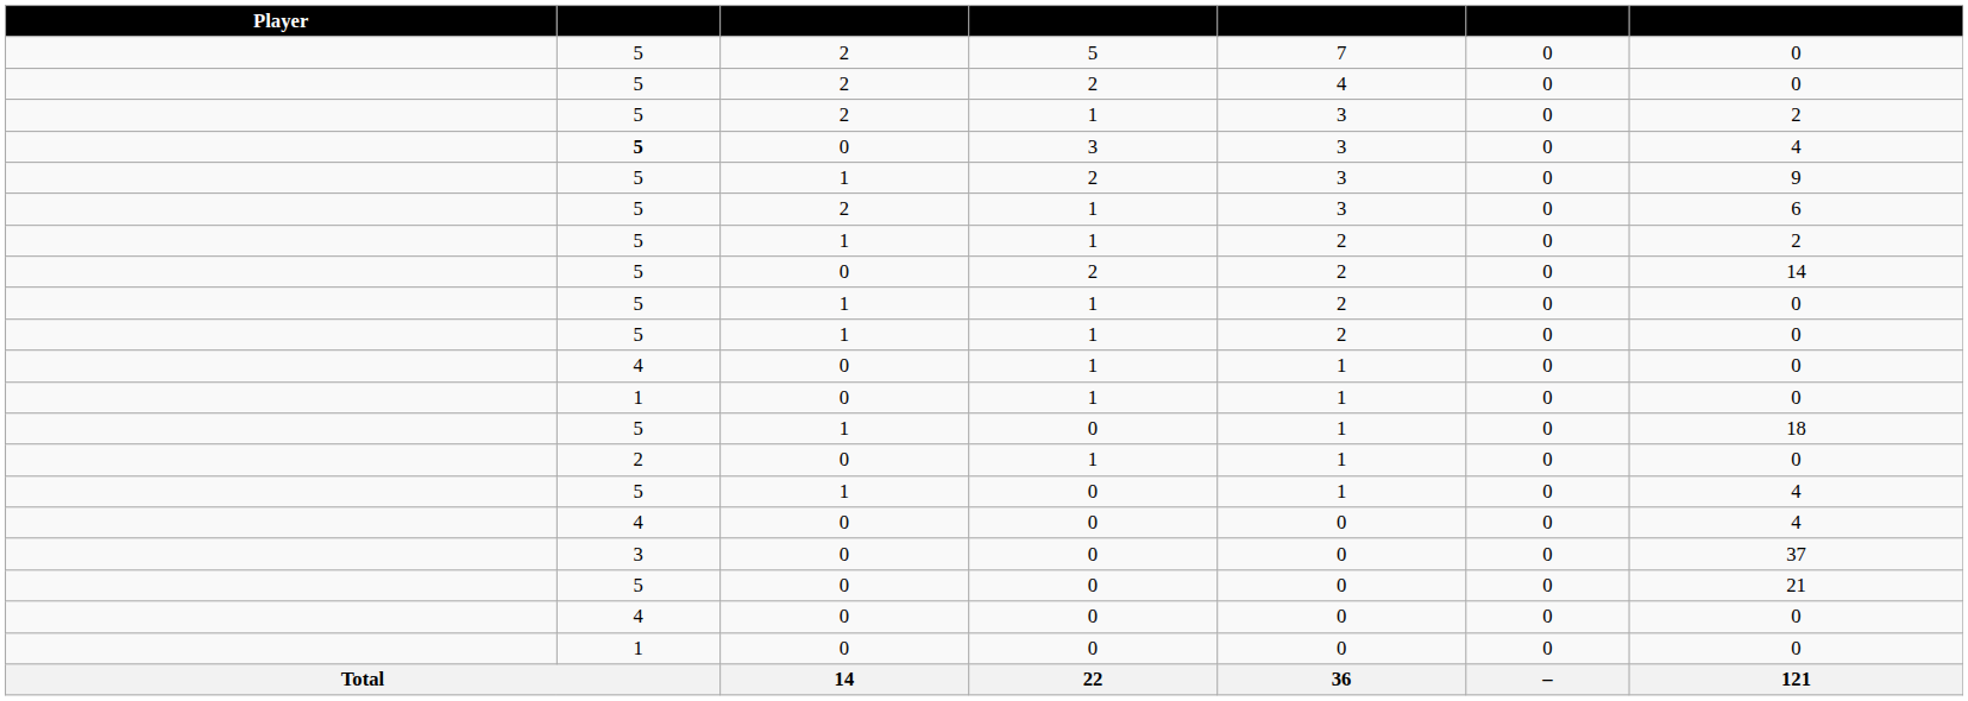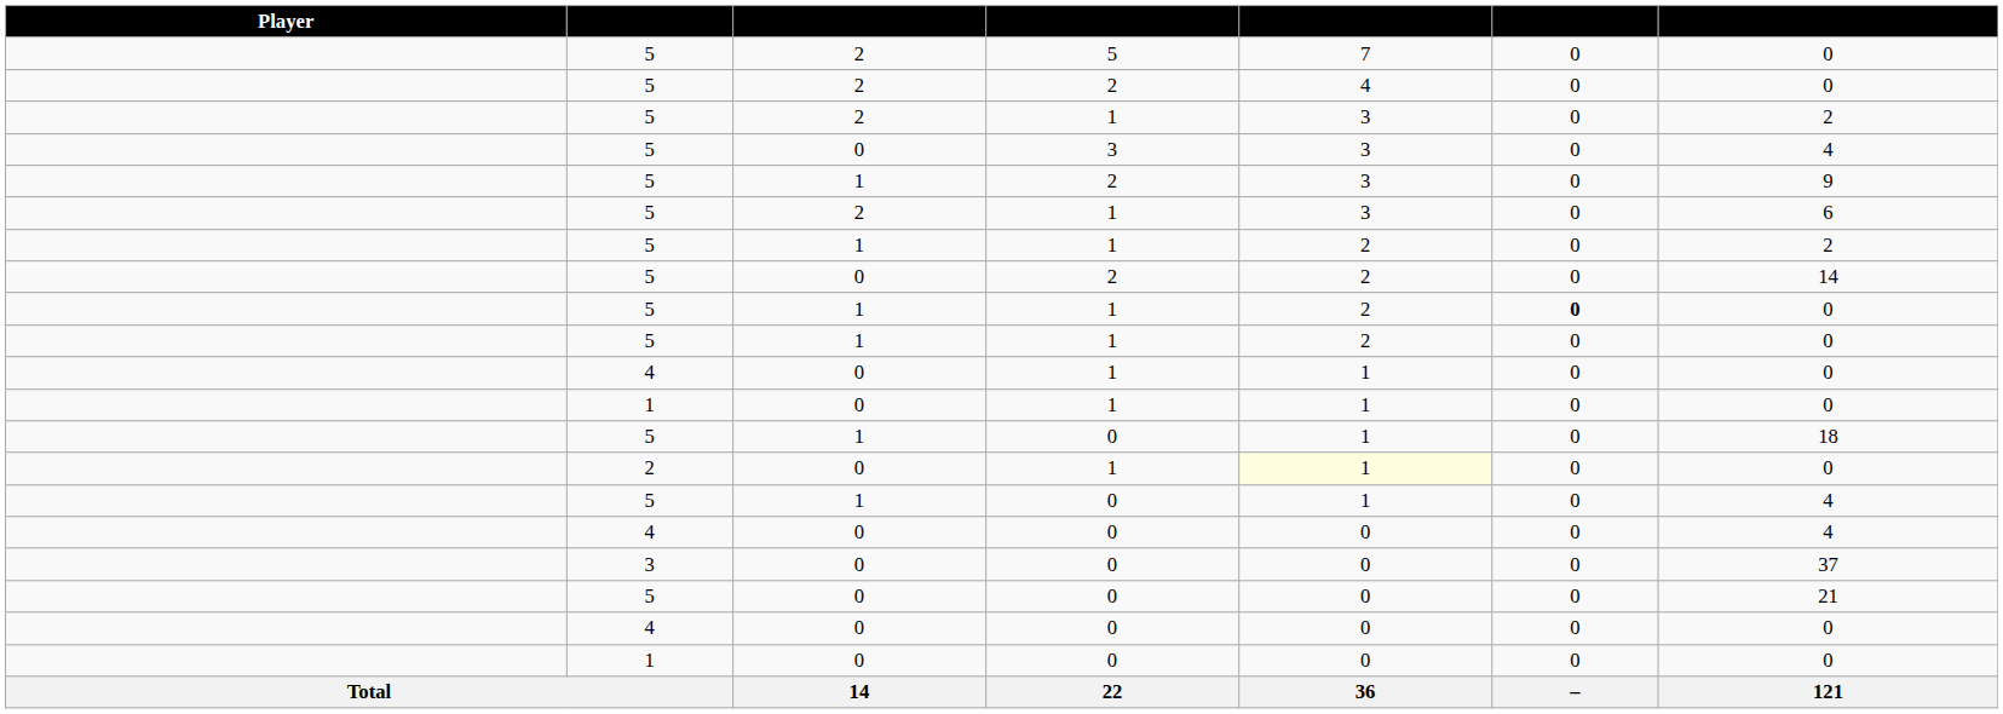 <table class="wikitable sortable" style="width:100%; text-align:center;">
 <tr>
 <th style="color:white; background:#000000; ">Player</th>
 <th style="color:white; background:#000000; "></th>
 <th style="color:white; background:#000000; "></th>
 <th style="color:white; background:#000000; "></th>
 <th style="color:white; background:#000000; "></th>
 <th style="color:white; background:#000000; "></th>
 <th style="color:white; background:#000000; "></th>
 </tr>
 <tr>
 <td></td>
 <td>5</td>
 <td>2</td>
 <td>5</td>
 <td>7</td>
 <td>0</td>
 <td>0</td>
 </tr>
 <tr>
 <td></td>
 <td>5</td>
 <td>2</td>
 <td>2</td>
 <td>4</td>
 <td>0</td>
 <td>0</td>
 </tr>
 <tr>
 <td></td>
 <td>5</td>
 <td>2</td>
 <td>1</td>
 <td>3</td>
 <td>0</td>
 <td>2</td>
 </tr>
 <tr>
 <td></td>
-<td><strong>5</strong></td>
+<td>5</td>
 <td>0</td>
 <td>3</td>
 <td>3</td>
 <td>0</td>
 <td>4</td>
 </tr>
 <tr>
 <td></td>
 <td>5</td>
 <td>1</td>
 <td>2</td>
 <td>3</td>
 <td>0</td>
 <td>9</td>
 </tr>
 <tr>
 <td></td>
 <td>5</td>
 <td>2</td>
 <td>1</td>
 <td>3</td>
 <td>0</td>
 <td>6</td>
 </tr>
 <tr>
 <td></td>
 <td>5</td>
 <td>1</td>
 <td>1</td>
 <td>2</td>
 <td>0</td>
 <td>2</td>
 </tr>
 <tr>
 <td></td>
 <td>5</td>
 <td>0</td>
 <td>2</td>
 <td>2</td>
 <td>0</td>
 <td>14</td>
 </tr>
 <tr>
 <td></td>
 <td>5</td>
 <td>1</td>
 <td>1</td>
 <td>2</td>
-<td>0</td>
+<td><strong>0</strong></td>
 <td>0</td>
 </tr>
 <tr>
 <td></td>
 <td>5</td>
 <td>1</td>
 <td>1</td>
 <td>2</td>
 <td>0</td>
 <td>0</td>
 </tr>
 <tr>
 <td></td>
 <td>4</td>
 <td>0</td>
 <td>1</td>
 <td>1</td>
 <td>0</td>
 <td>0</td>
 </tr>
 <tr>
 <td></td>
 <td>1</td>
 <td>0</td>
 <td>1</td>
 <td>1</td>
 <td>0</td>
 <td>0</td>
 </tr>
 <tr>
 <td></td>
 <td>5</td>
 <td>1</td>
 <td>0</td>
 <td>1</td>
 <td>0</td>
 <td>18</td>
 </tr>
 <tr>
 <td></td>
 <td>2</td>
 <td>0</td>
 <td>1</td>
-<td>1</td>
+<td style="background: lightyellow;">1</td>
 <td>0</td>
 <td>0</td>
 </tr>
 <tr>
 <td></td>
 <td>5</td>
 <td>1</td>
 <td>0</td>
 <td>1</td>
 <td>0</td>
 <td>4</td>
 </tr>
 <tr>
 <td></td>
 <td>4</td>
 <td>0</td>
 <td>0</td>
 <td>0</td>
 <td>0</td>
 <td>4</td>
 </tr>
 <tr>
 <td></td>
 <td>3</td>
 <td>0</td>
 <td>0</td>
 <td>0</td>
 <td>0</td>
 <td>37</td>
 </tr>
 <tr>
 <td></td>
 <td>5</td>
 <td>0</td>
 <td>0</td>
 <td>0</td>
 <td>0</td>
 <td>21</td>
 </tr>
 <tr>
 <td></td>
 <td>4</td>
 <td>0</td>
 <td>0</td>
 <td>0</td>
 <td>0</td>
 <td>0</td>
 </tr>
 <tr>
 <td></td>
 <td>1</td>
 <td>0</td>
 <td>0</td>
 <td>0</td>
 <td>0</td>
 <td>0</td>
 </tr>
 <tr class="sortbottom">
 <th colspan=2>Total</th>
 <th>14</th>
 <th>22</th>
 <th>36</th>
 <th>–</th>
 <th>121</th>
 </tr>
 </table>
